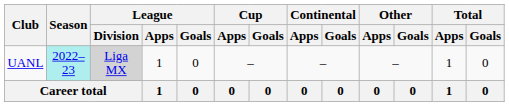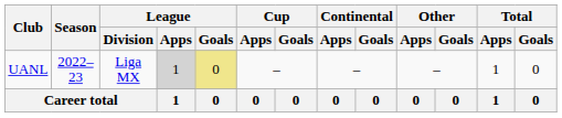 <table class="wikitable" style="text-align: center">
 <tr>
 <th rowspan="2">Club</th>
 <th rowspan="2">Season</th>
 <th colspan="3">League</th>
 <th colspan="2">Cup</th>
 <th colspan="2">Continental</th>
 <th colspan="2">Other</th>
 <th colspan="2">Total</th>
 </tr>
 <tr>
 <th>Division</th>
 <th>Apps</th>
 <th>Goals</th>
 <th>Apps</th>
 <th>Goals</th>
 <th>Apps</th>
 <th>Goals</th>
 <th>Apps</th>
 <th>Goals</th>
 <th>Apps</th>
 <th>Goals</th>
 </tr>
 <tr>
 <td><a href='#'>UANL</a></td>
-<td style="background: paleturquoise;"><a href='#'>2022–23</a></td>
-<td style="background: lightgrey;"><a href='#'>Liga MX</a></td>
-<td>1</td>
-<td>0</td>
+<td><a href='#'>2022–23</a></td>
+<td><a href='#'>Liga MX</a></td>
+<td style="background: lightgrey;">1</td>
+<td style="background: khaki;">0</td>
 <td colspan="2">–</td>
 <td colspan="2">–</td>
 <td colspan="2">–</td>
 <td>1</td>
 <td>0</td>
 </tr>
 <tr>
 <th colspan="3">Career total</th>
 <th>1</th>
 <th>0</th>
 <th>0</th>
 <th>0</th>
 <th>0</th>
 <th>0</th>
 <th>0</th>
 <th>0</th>
 <th>1</th>
 <th>0</th>
 </tr>
 </table>
